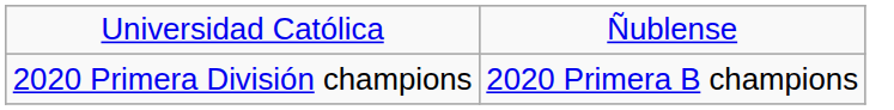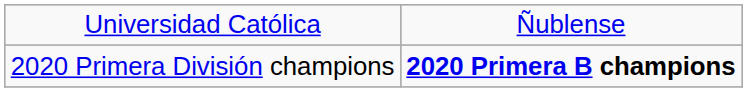 <table class="wikitable" style="text-align:center">
 <tr>
 <td><a href='#'>Universidad Católica</a></td>
 <td><a href='#'>Ñublense</a></td>
 </tr>
 <tr>
 <td><a href='#'>2020 Primera División</a> champions</td>
-<td><a href='#'>2020 Primera B</a> champions</td>
+<td><strong><a href='#'>2020 Primera B</a> champions</strong></td>
 </tr>
 </table>
